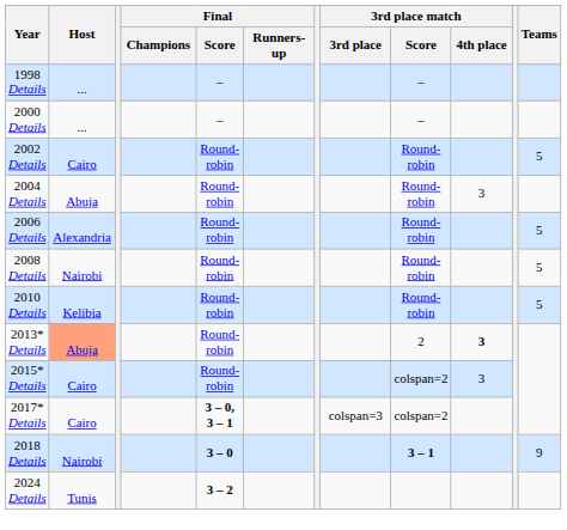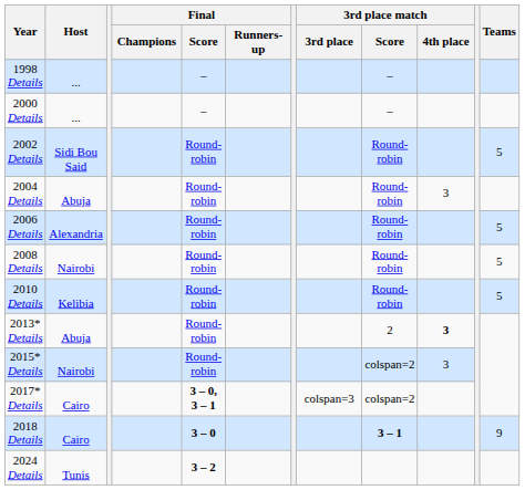 <table class="wikitable" style="font-size:90%; width: 98%; text-align: center;">
 <tr bgcolor=#C1D8FF>
 <th rowspan=2 width=6%>Year</th>
 <th rowspan=2 width=12%>Host</th>
 <th width=1% rowspan=15 bgcolor=ffffff></th>
 <th colspan=3>Final</th>
 <th width=1% rowspan=15 bgcolor=ffffff></th>
 <th colspan=3>3rd place match</th>
 <th width=1% rowspan=15 bgcolor=#ffffff></th>
 <th rowspan=2 width=5%>Teams</th>
 </tr>
 <tr bgcolor=#efefef>
 <th width=14%>Champions</th>
 <th width=9%>Score</th>
 <th width=14%>Runners-up</th>
 <th width=14%>3rd place</th>
 <th width=9%>Score</th>
 <th width=14%>4th place</th>
 </tr>
 <tr bgcolor=#D0E7FF>
 <td>1998<br><em><a href='#'>Details</a></em></td>
 <td><br>...</td>
 <td><strong></strong></td>
 <td>–</td>
 <td></td>
 <td></td>
 <td>–</td>
 <td></td>
 <td></td>
 </tr>
 <tr>
 <td>2000<br><em><a href='#'>Details</a></em></td>
 <td><br>...</td>
 <td></td>
 <td>–</td>
 <td></td>
 <td></td>
 <td>–</td>
 <td></td>
 <td></td>
 </tr>
 <tr bgcolor=#D0E7FF>
 <td>2002<br><em><a href='#'>Details</a></em></td>
-<td><br><a href='#'>Cairo</a></td>
+<td><br><a href='#'>Sidi Bou Said</a></td>
 <td><strong></strong></td>
 <td><a href='#'>Round-robin</a></td>
 <td></td>
 <td></td>
 <td><a href='#'>Round-robin</a></td>
 <td></td>
 <td>5</td>
 </tr>
 <tr>
 <td>2004<br><em><a href='#'>Details</a></em></td>
 <td><br><a href='#'>Abuja</a></td>
 <td><strong></strong></td>
 <td><a href='#'>Round-robin</a></td>
 <td></td>
 <td></td>
 <td><a href='#'>Round-robin</a></td>
 <td>3</td>
 </tr>
 <tr bgcolor=#D0E7FF>
 <td>2006<br><em><a href='#'>Details</a></em></td>
 <td><br><a href='#'>Alexandria</a></td>
 <td><strong></strong></td>
 <td><a href='#'>Round-robin</a></td>
 <td></td>
 <td></td>
 <td><a href='#'>Round-robin</a></td>
 <td></td>
 <td>5</td>
 </tr>
 <tr>
 <td>2008<br><em><a href='#'>Details</a></em></td>
 <td><br><a href='#'>Nairobi</a></td>
 <td><strong></strong></td>
 <td><a href='#'>Round-robin</a></td>
 <td></td>
 <td></td>
 <td><a href='#'>Round-robin</a></td>
 <td></td>
 <td>5</td>
 </tr>
 <tr bgcolor=#D0E7FF>
 <td>2010<br><em><a href='#'>Details</a></em></td>
 <td><br><a href='#'>Kelibia</a></td>
 <td><strong></strong></td>
 <td><a href='#'>Round-robin</a></td>
 <td></td>
 <td></td>
 <td><a href='#'>Round-robin</a></td>
 <td></td>
 <td>5</td>
 </tr>
 <tr>
 <td>2013*<br><em><a href='#'>Details</a></em></td>
-<td style="background: lightsalmon;"><br><a href='#'>Abuja</a></td>
+<td><br><a href='#'>Abuja</a></td>
 <td><strong></strong></td>
 <td><a href='#'>Round-robin</a></td>
 <td></td>
 <td></td>
 <td>2</td>
 <td><strong>3</strong></td>
 </tr>
 <tr bgcolor=#D0E7FF>
 <td>2015*<br><em><a href='#'>Details</a></em></td>
-<td><br><a href='#'>Cairo</a></td>
+<td><br><a href='#'>Nairobi</a></td>
 <td><strong></strong></td>
 <td><a href='#'>Round-robin</a></td>
 <td></td>
 <td></td>
 <td>colspan=2 </td>
 <td>3</td>
 </tr>
 <tr>
 <td>2017*<br><em><a href='#'>Details</a></em></td>
 <td><br><a href='#'>Cairo</a></td>
 <td><strong></strong></td>
 <td><strong>3 – 0,<br>3 – 1</strong></td>
 <td></td>
 <td>colspan=3 </td>
 <td>colspan=2 </td>
 </tr>
 <tr bgcolor=#D0E7FF>
 <td>2018<br><em><a href='#'>Details</a></em></td>
-<td><br><a href='#'>Nairobi</a></td>
+<td><br><a href='#'>Cairo</a></td>
 <td><strong></strong></td>
 <td><strong>3 – 0</strong></td>
 <td></td>
 <td></td>
 <td><strong>3 – 1</strong></td>
 <td></td>
 <td>9</td>
 </tr>
 <tr>
 <td>2024<br><em><a href='#'>Details</a></em></td>
 <td><br><a href='#'>Tunis</a></td>
 <td><strong></strong></td>
 <td><strong>3 – 2</strong></td>
 <td></td>
 <td></td>
 <td></td>
 <td></td>
 <td></td>
 </tr>
 </table>
